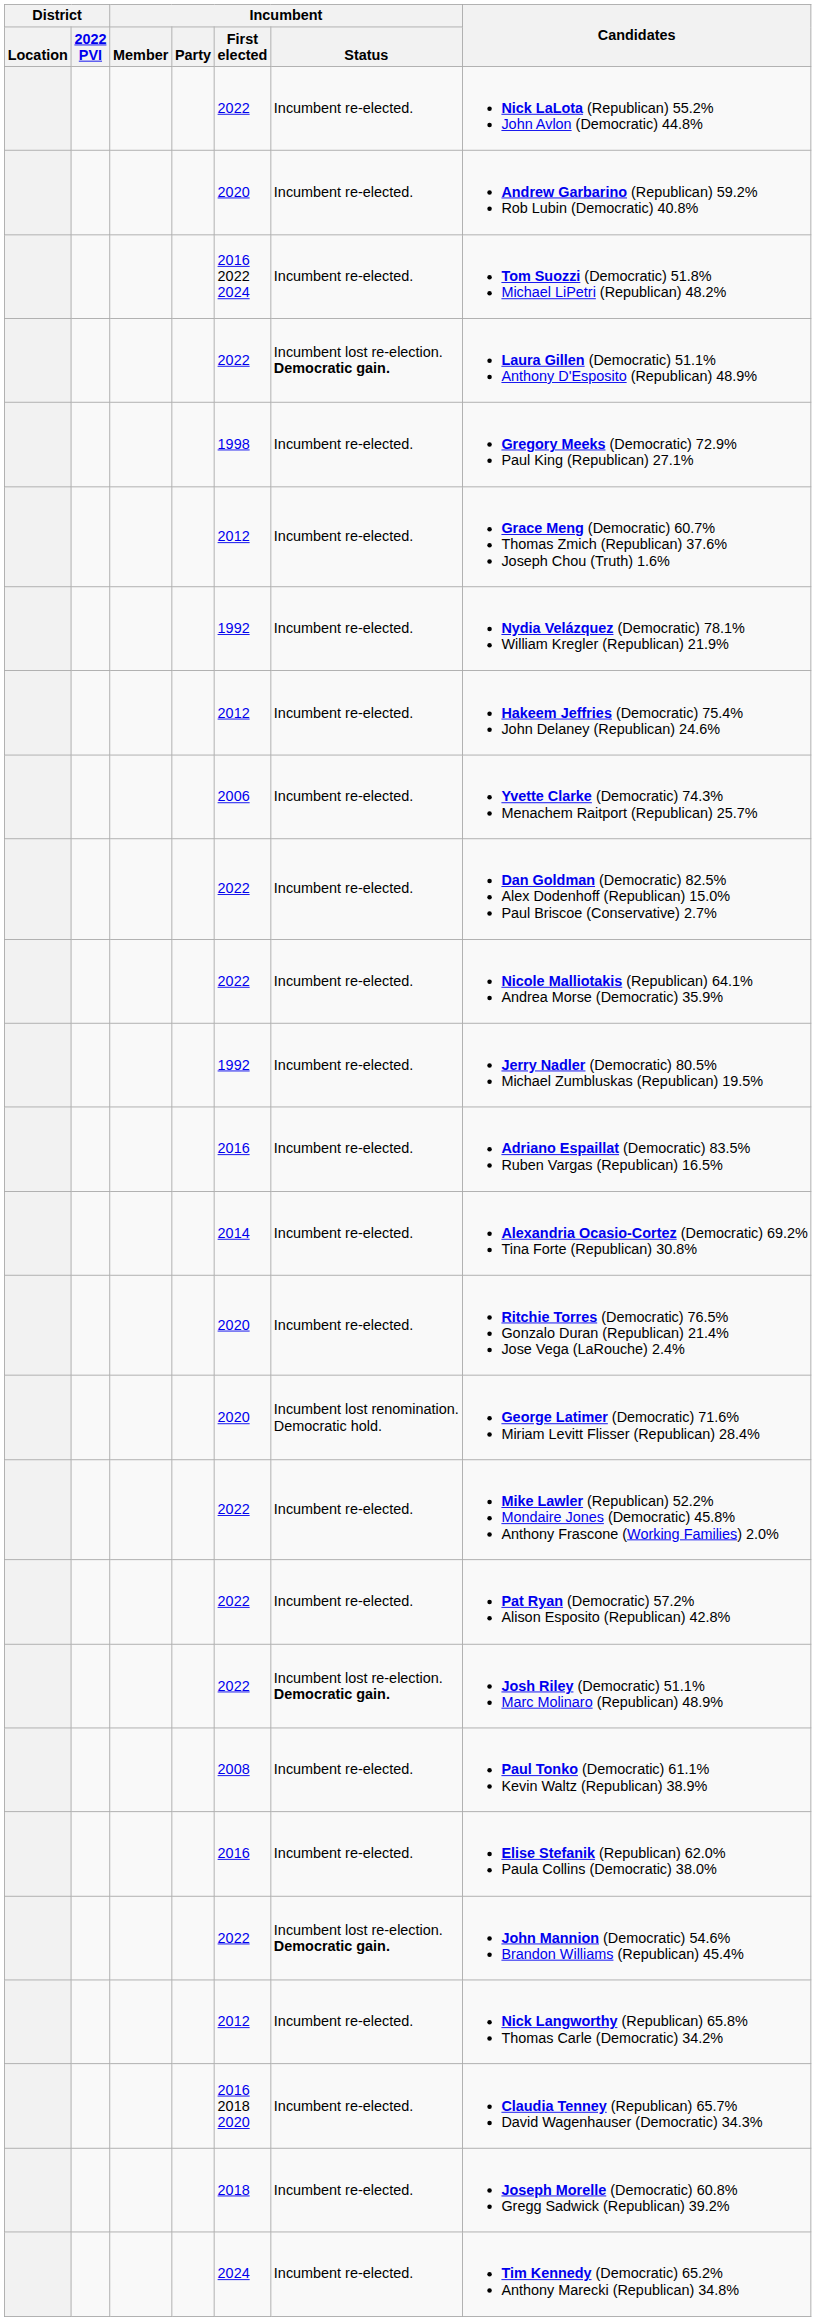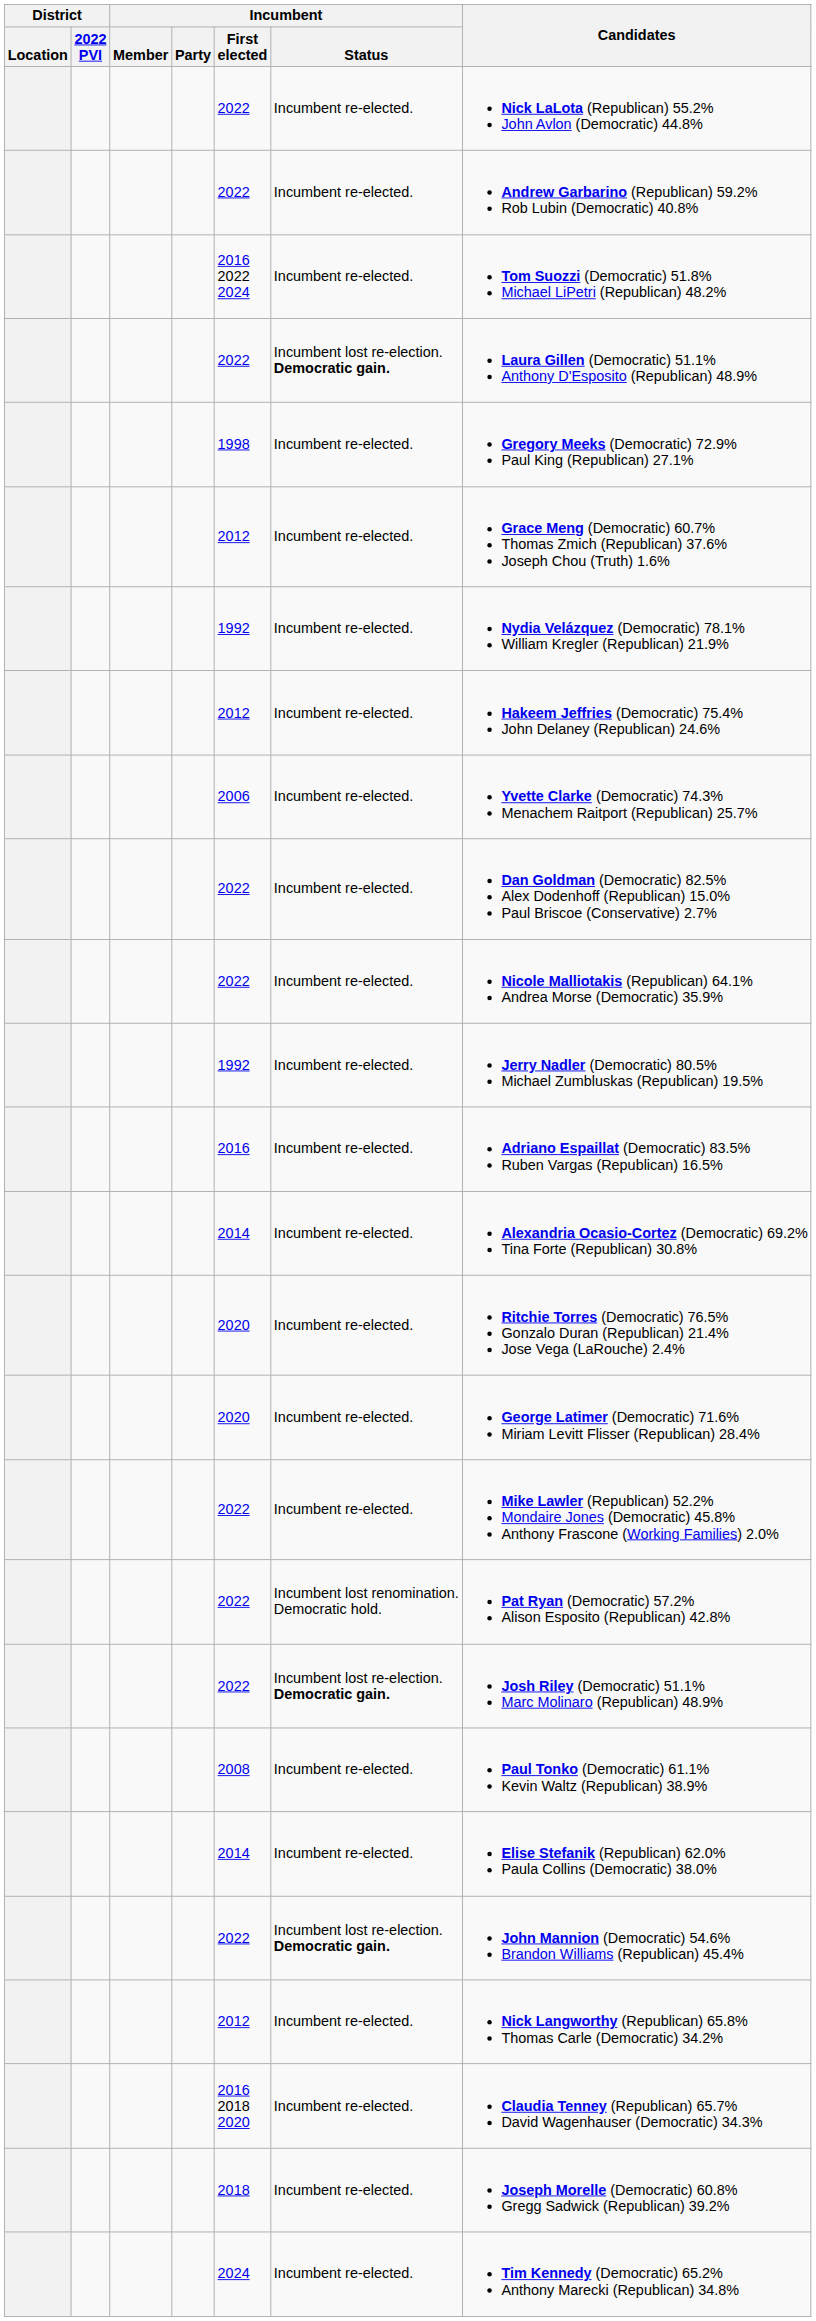 <table class="wikitable sortable">
 <tr>
 <th colspan=2>District</th>
 <th colspan=4>Incumbent</th>
 <th rowspan=2 class="unsortable">Candidates</th>
 </tr>
 <tr valign=bottom>
 <th>Location</th>
 <th><a href='#'>2022<br>PVI</a></th>
 <th>Member</th>
 <th>Party</th>
 <th>First<br>elected</th>
 <th>Status</th>
 </tr>
 <tr>
 <th></th>
 <td></td>
 <td></td>
 <td></td>
 <td><a href='#'>2022</a></td>
 <td>Incumbent re-elected.</td>
 <td nowrap><br><ul><li> <strong><a href='#'>Nick LaLota</a></strong> (Republican) 55.2%</li><li><a href='#'>John Avlon</a> (Democratic) 44.8%</li></ul></td>
 </tr>
 <tr>
 <th></th>
 <td></td>
 <td></td>
 <td></td>
-<td><a href='#'>2020</a></td>
+<td><a href='#'>2022</a></td>
 <td>Incumbent re-elected.</td>
 <td nowrap><br><ul><li> <strong><a href='#'>Andrew Garbarino</a></strong> (Republican) 59.2%</li><li>Rob Lubin (Democratic) 40.8%</li></ul></td>
 </tr>
 <tr>
 <th></th>
 <td></td>
 <td></td>
 <td></td>
 <td><a href='#'>2016</a><br>2022 <br><a href='#'>2024 </a></td>
 <td>Incumbent re-elected.</td>
 <td nowrap><br><ul><li> <strong><a href='#'>Tom Suozzi</a></strong> (Democratic) 51.8%</li><li><a href='#'>Michael LiPetri</a> (Republican) 48.2%</li></ul></td>
 </tr>
 <tr>
 <th></th>
 <td></td>
 <td></td>
 <td></td>
 <td><a href='#'>2022</a></td>
 <td>Incumbent lost re-election.<br><strong>Democratic gain.</strong></td>
 <td nowrap><br><ul><li> <strong><a href='#'>Laura Gillen</a></strong> (Democratic) 51.1%</li><li><a href='#'>Anthony D'Esposito</a> (Republican) 48.9%</li></ul></td>
 </tr>
 <tr>
 <th></th>
 <td></td>
 <td></td>
 <td></td>
 <td><a href='#'>1998 </a></td>
 <td>Incumbent re-elected.</td>
 <td nowrap><br><ul><li> <strong><a href='#'>Gregory Meeks</a></strong> (Democratic) 72.9%</li><li>Paul King (Republican) 27.1%</li></ul></td>
 </tr>
 <tr>
 <th></th>
 <td></td>
 <td></td>
 <td></td>
 <td><a href='#'>2012</a></td>
 <td>Incumbent re-elected.</td>
 <td nowrap><br><ul><li> <strong><a href='#'>Grace Meng</a></strong> (Democratic) 60.7%</li><li>Thomas Zmich (Republican) 37.6%</li><li>Joseph Chou (Truth) 1.6%</li></ul></td>
 </tr>
 <tr>
 <th></th>
 <td></td>
 <td></td>
 <td></td>
 <td><a href='#'>1992</a></td>
 <td>Incumbent re-elected.</td>
 <td nowrap><br><ul><li> <strong><a href='#'>Nydia Velázquez</a></strong> (Democratic) 78.1%</li><li>William Kregler (Republican) 21.9%</li></ul></td>
 </tr>
 <tr>
 <th></th>
 <td></td>
 <td></td>
 <td></td>
 <td><a href='#'>2012</a></td>
 <td>Incumbent re-elected.</td>
 <td nowrap><br><ul><li> <strong><a href='#'>Hakeem Jeffries</a></strong> (Democratic) 75.4%</li><li>John Delaney (Republican) 24.6%</li></ul></td>
 </tr>
 <tr>
 <th></th>
 <td></td>
 <td></td>
 <td></td>
 <td><a href='#'>2006</a></td>
 <td>Incumbent re-elected.</td>
 <td nowrap><br><ul><li> <strong><a href='#'>Yvette Clarke</a></strong> (Democratic) 74.3%</li><li>Menachem Raitport (Republican) 25.7%</li></ul></td>
 </tr>
 <tr>
 <th></th>
 <td></td>
 <td></td>
 <td></td>
 <td><a href='#'>2022</a></td>
 <td>Incumbent re-elected.</td>
 <td nowrap><br><ul><li> <strong><a href='#'>Dan Goldman</a></strong> (Democratic) 82.5%</li><li>Alex Dodenhoff (Republican) 15.0%</li><li>Paul Briscoe (Conservative) 2.7%</li></ul></td>
 </tr>
 <tr>
 <th></th>
 <td></td>
 <td></td>
 <td></td>
 <td><a href='#'>2022</a></td>
 <td>Incumbent re-elected.</td>
 <td nowrap><br><ul><li> <strong><a href='#'>Nicole Malliotakis</a></strong> (Republican) 64.1%</li><li>Andrea Morse (Democratic) 35.9%</li></ul></td>
 </tr>
 <tr>
 <th></th>
 <td></td>
 <td></td>
 <td></td>
 <td><a href='#'>1992 </a></td>
 <td>Incumbent re-elected.</td>
 <td nowrap><br><ul><li> <strong><a href='#'>Jerry Nadler</a></strong> (Democratic) 80.5%</li><li>Michael Zumbluskas (Republican) 19.5%</li></ul></td>
 </tr>
 <tr>
 <th></th>
 <td></td>
 <td></td>
 <td></td>
 <td><a href='#'>2016</a></td>
 <td>Incumbent re-elected.</td>
 <td nowrap><br><ul><li> <strong><a href='#'>Adriano Espaillat</a></strong> (Democratic) 83.5%</li><li>Ruben Vargas (Republican) 16.5%</li></ul></td>
 </tr>
 <tr>
 <th></th>
 <td></td>
 <td></td>
 <td></td>
 <td><a href='#'>2014</a></td>
 <td>Incumbent re-elected.</td>
 <td nowrap><br><ul><li> <strong><a href='#'>Alexandria Ocasio-Cortez</a></strong> (Democratic) 69.2%</li><li>Tina Forte (Republican) 30.8%</li></ul></td>
 </tr>
 <tr>
 <th></th>
 <td></td>
 <td></td>
 <td></td>
 <td><a href='#'>2020</a></td>
 <td>Incumbent re-elected.</td>
 <td nowrap><br><ul><li> <strong><a href='#'>Ritchie Torres</a></strong> (Democratic) 76.5%</li><li>Gonzalo Duran (Republican) 21.4%</li><li>Jose Vega (LaRouche) 2.4%</li></ul></td>
 </tr>
 <tr>
 <th></th>
 <td></td>
 <td></td>
 <td></td>
 <td><a href='#'>2020</a></td>
-<td>Incumbent lost renomination.<br>Democratic hold.</td>
+<td>Incumbent re-elected.</td>
 <td nowrap><br><ul><li> <strong><a href='#'>George Latimer</a></strong> (Democratic) 71.6%</li><li>Miriam Levitt Flisser (Republican) 28.4%</li></ul></td>
 </tr>
 <tr>
 <th></th>
 <td></td>
 <td></td>
 <td></td>
 <td><a href='#'>2022</a></td>
 <td>Incumbent re-elected.</td>
 <td nowrap><br><ul><li> <strong><a href='#'>Mike Lawler</a></strong> (Republican) 52.2%</li><li><a href='#'>Mondaire Jones</a> (Democratic) 45.8%</li><li>Anthony Frascone (<a href='#'>Working Families</a>) 2.0%</li></ul></td>
 </tr>
 <tr>
 <th></th>
 <td></td>
 <td></td>
 <td></td>
 <td><a href='#'>2022 </a></td>
-<td>Incumbent re-elected.</td>
+<td>Incumbent lost renomination.<br>Democratic hold.</td>
 <td nowrap><br><ul><li> <strong><a href='#'>Pat Ryan</a></strong> (Democratic) 57.2%</li><li>Alison Esposito (Republican) 42.8%</li></ul></td>
 </tr>
 <tr>
 <th></th>
 <td></td>
 <td></td>
 <td></td>
 <td><a href='#'>2022</a></td>
 <td>Incumbent lost re-election.<br><strong>Democratic gain.</strong></td>
 <td nowrap><br><ul><li> <strong><a href='#'>Josh Riley</a></strong> (Democratic) 51.1%</li><li><a href='#'>Marc Molinaro</a> (Republican) 48.9%</li></ul></td>
 </tr>
 <tr>
 <th></th>
 <td></td>
 <td></td>
 <td></td>
 <td><a href='#'>2008</a></td>
 <td>Incumbent re-elected.</td>
 <td nowrap><br><ul><li> <strong><a href='#'>Paul Tonko</a></strong> (Democratic) 61.1%</li><li>Kevin Waltz (Republican) 38.9%</li></ul></td>
 </tr>
 <tr>
 <th></th>
 <td></td>
 <td></td>
 <td></td>
-<td><a href='#'>2016</a></td>
+<td><a href='#'>2014</a></td>
 <td>Incumbent re-elected.</td>
 <td nowrap><br><ul><li> <strong><a href='#'>Elise Stefanik</a></strong> (Republican) 62.0%</li><li>Paula Collins (Democratic) 38.0%</li></ul></td>
 </tr>
 <tr>
 <th></th>
 <td></td>
 <td></td>
 <td></td>
 <td><a href='#'>2022</a></td>
 <td>Incumbent lost re-election.<br><strong>Democratic gain.</strong></td>
 <td nowrap><br><ul><li> <strong><a href='#'>John Mannion</a></strong> (Democratic) 54.6%</li><li><a href='#'>Brandon Williams</a> (Republican) 45.4%</li></ul></td>
 </tr>
 <tr>
 <th></th>
 <td></td>
 <td></td>
 <td></td>
 <td><a href='#'>2012</a></td>
 <td>Incumbent re-elected.</td>
 <td nowrap><br><ul><li> <strong><a href='#'>Nick Langworthy</a></strong> (Republican) 65.8%</li><li>Thomas Carle (Democratic) 34.2%</li></ul></td>
 </tr>
 <tr>
 <th></th>
 <td></td>
 <td></td>
 <td></td>
 <td><a href='#'>2016</a><br>2018 <br><a href='#'>2020</a></td>
 <td>Incumbent re-elected.</td>
 <td nowrap><br><ul><li> <strong><a href='#'>Claudia Tenney</a></strong> (Republican) 65.7%</li><li>David Wagenhauser (Democratic) 34.3%</li></ul></td>
 </tr>
 <tr>
 <th></th>
 <td></td>
 <td></td>
 <td></td>
 <td><a href='#'>2018 </a></td>
 <td>Incumbent re-elected.</td>
 <td nowrap><br><ul><li> <strong><a href='#'>Joseph Morelle</a></strong> (Democratic) 60.8%</li><li>Gregg Sadwick (Republican) 39.2%</li></ul></td>
 </tr>
 <tr>
 <th></th>
 <td></td>
 <td></td>
 <td></td>
 <td><a href='#'>2024 </a></td>
 <td>Incumbent re-elected.</td>
 <td nowrap><br><ul><li> <strong><a href='#'>Tim Kennedy</a></strong> (Democratic) 65.2%</li><li>Anthony Marecki (Republican) 34.8%</li></ul></td>
 </tr>
 </table>
